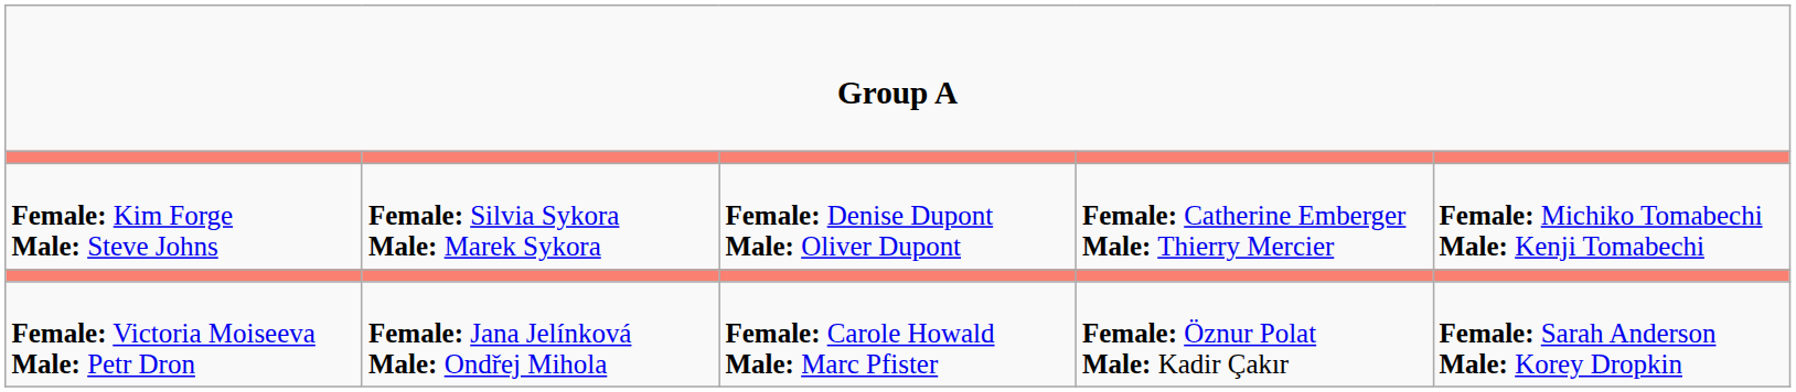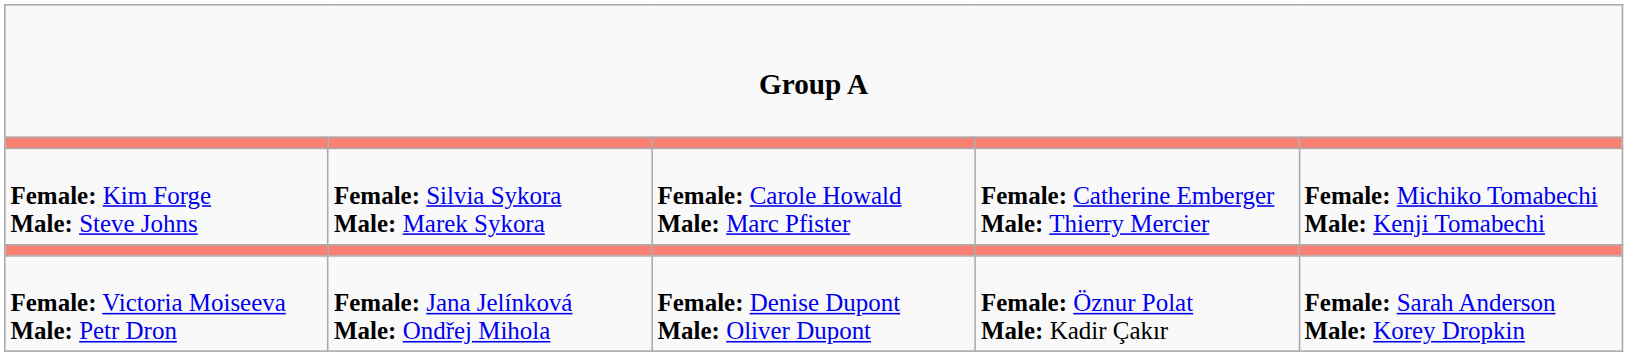 <table class="wikitable">
 <tr>
 <td align=center colspan="5"><br><h3>Group A</h3></td>
 </tr>
 <tr>
 <th style="background: #FA8072;" width=200></th>
 <th style="background: #FA8072;" width=200></th>
 <th style="background: #FA8072;" width=200></th>
 <th style="background: #FA8072;" width=200></th>
 <th style="background: #FA8072;" width=200></th>
 </tr>
 <tr>
 <td><br><strong>Female:</strong> <a href='#'>Kim Forge</a><br> <strong>Male:</strong> <a href='#'>Steve Johns</a></td>
 <td><br><strong>Female:</strong> <a href='#'>Silvia Sykora</a><br> <strong>Male:</strong> <a href='#'>Marek Sykora</a></td>
-<td><br><strong>Female:</strong> <a href='#'>Denise Dupont</a><br> <strong>Male:</strong> <a href='#'>Oliver Dupont</a></td>
+<td><br><strong>Female:</strong> <a href='#'>Carole Howald</a><br> <strong>Male:</strong> <a href='#'>Marc Pfister</a></td>
 <td><br><strong>Female:</strong> <a href='#'>Catherine Emberger</a><br> <strong>Male:</strong> <a href='#'>Thierry Mercier</a></td>
 <td><br><strong>Female:</strong> <a href='#'>Michiko Tomabechi</a><br> <strong>Male:</strong> <a href='#'>Kenji Tomabechi</a></td>
 </tr>
 <tr>
 <th style="background: #FA8072;" width=200></th>
 <th style="background: #FA8072;" width=200></th>
 <th style="background: #FA8072;" width=200></th>
 <th style="background: #FA8072;" width=200></th>
 <th style="background: #FA8072;" width=200></th>
 </tr>
 <tr>
 <td><br><strong>Female:</strong> <a href='#'>Victoria Moiseeva</a><br> <strong>Male:</strong> <a href='#'>Petr Dron</a></td>
 <td><br><strong>Female:</strong> <a href='#'>Jana Jelínková</a><br> <strong>Male:</strong> <a href='#'>Ondřej Mihola</a></td>
-<td><br><strong>Female:</strong> <a href='#'>Carole Howald</a><br> <strong>Male:</strong> <a href='#'>Marc Pfister</a></td>
+<td><br><strong>Female:</strong> <a href='#'>Denise Dupont</a><br> <strong>Male:</strong> <a href='#'>Oliver Dupont</a></td>
 <td><br><strong>Female:</strong> <a href='#'>Öznur Polat</a><br> <strong>Male:</strong> Kadir Çakır</td>
 <td><br><strong>Female:</strong> <a href='#'>Sarah Anderson</a><br> <strong>Male:</strong> <a href='#'>Korey Dropkin</a></td>
 </tr>
 </table>
